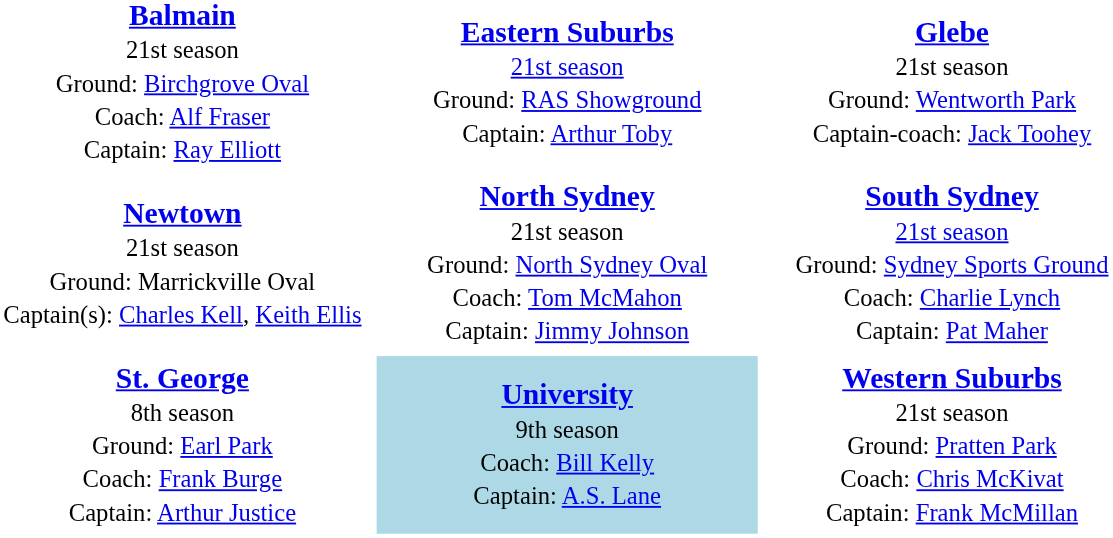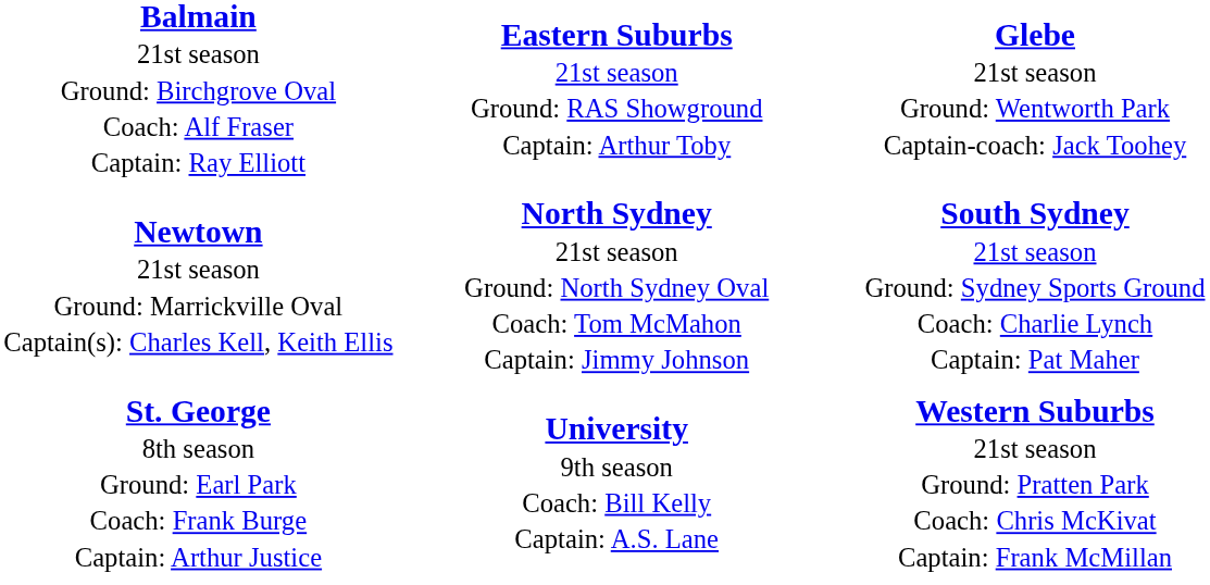 <table align="center" class="toccolours" style="text-valign: center;" cellpadding=3 cellspacing=2>
 <tr>
 <th width=200></th>
 <th width=200></th>
 <th width=200></th>
 </tr>
 <tr>
 <td align="center"><strong><a href='#'>Balmain</a></strong><br><small>21st season<br>Ground: <a href='#'>Birchgrove Oval</a><br>Coach: <a href='#'>Alf Fraser</a><br>Captain: <a href='#'>Ray Elliott</a></small></td>
 <td align="center"><strong><a href='#'>Eastern Suburbs</a></strong><br><small><a href='#'>21st season</a><br>Ground: <a href='#'>RAS Showground</a><br>Captain: <a href='#'>Arthur Toby</a></small></td>
 <td align="center"><strong><a href='#'>Glebe</a></strong><br><small>21st season<br>Ground: <a href='#'>Wentworth Park</a><br>Captain-coach: <a href='#'>Jack Toohey</a></small></td>
 </tr>
 <tr>
 <td align="center"><strong><a href='#'>Newtown</a></strong><br><small>21st season<br>Ground: Marrickville Oval<br>Captain(s): <a href='#'>Charles Kell</a>,  <a href='#'>Keith Ellis</a></small></td>
 <td align="center"><strong><a href='#'>North Sydney</a></strong><br><small>21st season<br>Ground: <a href='#'>North Sydney Oval</a><br>Coach: <a href='#'>Tom McMahon</a><br>Captain: <a href='#'>Jimmy Johnson</a> </small></td>
 <td align="center"><strong><a href='#'>South Sydney</a></strong><br><small><a href='#'>21st season</a><br>Ground: <a href='#'>Sydney Sports Ground</a><br>Coach: <a href='#'>Charlie Lynch</a><br>Captain: <a href='#'>Pat Maher</a></small></td>
 </tr>
 <tr>
 <td align="center"><strong><a href='#'>St. George</a></strong><br><small>8th season<br>Ground: <a href='#'>Earl Park</a><br>Coach: <a href='#'>Frank Burge</a><br>Captain: <a href='#'>Arthur Justice</a></small></td>
-<td align="center" style="background: lightblue;"><strong><a href='#'>University</a></strong><br><small>9th season<br>Coach: <a href='#'>Bill Kelly</a><br>Captain: <a href='#'>A.S. Lane</a></small></td>
+<td align="center"><strong><a href='#'>University</a></strong><br><small>9th season<br>Coach: <a href='#'>Bill Kelly</a><br>Captain: <a href='#'>A.S. Lane</a></small></td>
 <td align="center"><strong><a href='#'>Western Suburbs</a></strong><br><small>21st season<br>Ground: <a href='#'>Pratten Park</a><br>Coach: <a href='#'>Chris McKivat</a><br>Captain: <a href='#'>Frank McMillan</a></small></td>
 </tr>
 </table>
